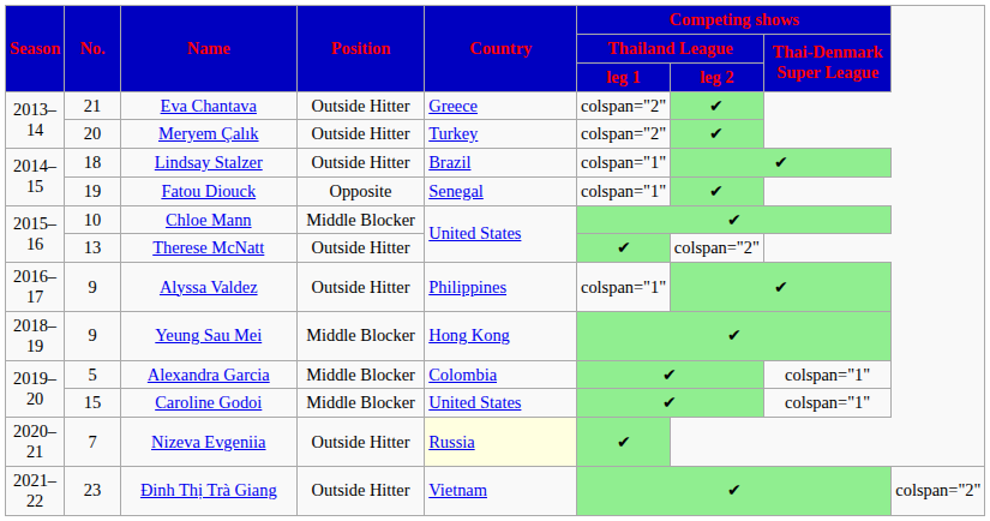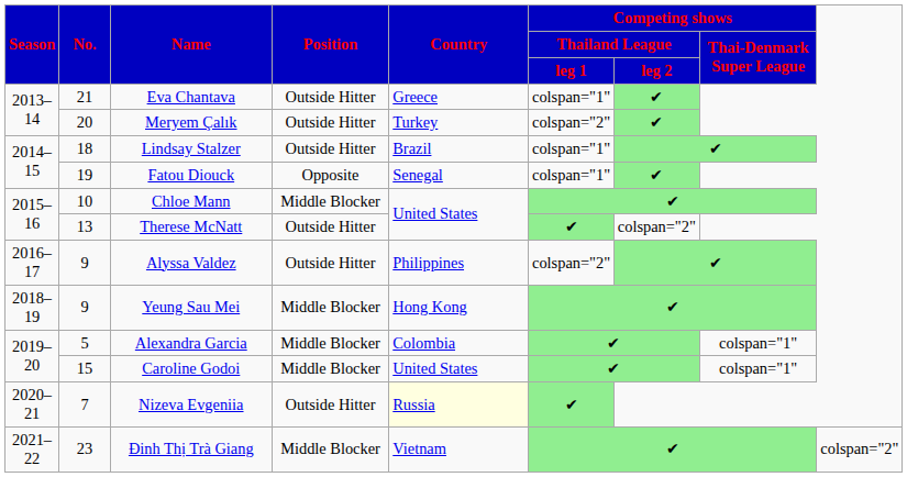 <table class="wikitable" style="text-align:center;font-size:90%;">
 <tr style= "background: #0000C0; color: #FF0000; font-weight:bold;">
 <td rowspan="3" width="40">Season</td>
 <td rowspan="3" width="40">No.</td>
 <td rowspan="3" width="140">Name</td>
 <td rowspan="3" width="100">Position</td>
 <td rowspan="3" width="120">Country</td>
 <td colspan="3">Competing shows</td>
 </tr>
 <tr style= "background: #0000C0; color: #FF0000; font-weight:bold;">
 <td colspan="2" width="100">Thailand League</td>
 <td rowspan="2" width="100">Thai-Denmark Super League</td>
 </tr>
 <tr style= "background: #0000C0; color: #FF0000; font-weight:bold;">
 <td width="50">leg 1</td>
 <td width="50">leg 2</td>
 </tr>
 <tr>
 <td rowspan="2">2013–14</td>
 <td>21</td>
 <td><a href='#'>Eva Chantava</a></td>
 <td>Outside Hitter</td>
 <td align="left"> <a href='#'>Greece</a></td>
-<td>colspan="2" </td>
+<td>colspan="1" </td>
 <td colspan="1" style="background:lightgreen; text-align:center;">✔</td>
 </tr>
 <tr>
 <td>20</td>
 <td><a href='#'>Meryem Çalık</a></td>
 <td>Outside Hitter</td>
 <td align="left"> <a href='#'>Turkey</a></td>
 <td>colspan="2" </td>
 <td colspan="1" style="background:lightgreen; text-align:center;">✔</td>
 </tr>
 <tr>
 <td rowspan="2">2014–15</td>
 <td>18</td>
 <td><a href='#'>Lindsay Stalzer</a></td>
 <td>Outside Hitter</td>
 <td align="left"> <a href='#'>Brazil</a></td>
 <td>colspan="1" </td>
 <td colspan="2" style="background:lightgreen; text-align:center;">✔</td>
 </tr>
 <tr>
 <td>19</td>
 <td><a href='#'>Fatou Diouck</a></td>
 <td>Opposite</td>
 <td align="left"> <a href='#'>Senegal</a></td>
 <td>colspan="1" </td>
 <td colspan="1" style="background:lightgreen; text-align:center;">✔</td>
 </tr>
 <tr>
 <td rowspan=2>2015–16</td>
 <td>10</td>
 <td><a href='#'>Chloe Mann</a></td>
 <td>Middle Blocker</td>
 <td align="left" rowspan=2> <a href='#'>United States</a></td>
 <td colspan="3" style="background:lightgreen; text-align:center;">✔</td>
 </tr>
 <tr>
 <td>13</td>
 <td><a href='#'>Therese McNatt</a></td>
 <td>Outside Hitter</td>
 <td colspan="1" style="background:lightgreen; text-align:center;">✔</td>
 <td>colspan="2" </td>
 </tr>
 <tr>
 <td>2016–17</td>
 <td>9</td>
 <td><a href='#'>Alyssa Valdez</a></td>
 <td>Outside Hitter</td>
 <td align="left"> <a href='#'>Philippines</a></td>
-<td>colspan="1" </td>
+<td>colspan="2" </td>
 <td colspan="2" style="background:lightgreen; text-align:center;">✔</td>
 </tr>
 <tr>
 <td>2018–19</td>
 <td>9</td>
 <td><a href='#'>Yeung Sau Mei</a></td>
 <td>Middle Blocker</td>
 <td align="left"> <a href='#'>Hong Kong</a></td>
 <td colspan="3" style="background:lightgreen; text-align:center;">✔</td>
 </tr>
 <tr>
 <td rowspan=2>2019–20</td>
 <td>5</td>
 <td><a href='#'>Alexandra Garcia</a></td>
 <td>Middle Blocker</td>
 <td align="left"> <a href='#'>Colombia</a></td>
 <td colspan="2" style="background:lightgreen; text-align:center;">✔</td>
 <td>colspan="1" </td>
 </tr>
 <tr>
 <td>15</td>
 <td><a href='#'>Caroline Godoi</a></td>
 <td>Middle Blocker</td>
 <td align="left"> <a href='#'>United States</a></td>
 <td colspan="2" style="background:lightgreen; text-align:center;">✔</td>
 <td>colspan="1" </td>
 </tr>
 <tr>
 <td>2020–21</td>
 <td>7</td>
 <td><a href='#'>Nizeva Evgeniia</a></td>
 <td>Outside Hitter</td>
 <td align="left" style="background: lightyellow;"> <a href='#'>Russia</a></td>
 <td colspan="1" style="background:lightgreen; text-align:center;">✔</td>
 </tr>
 <tr>
 <td>2021–22</td>
 <td>23</td>
 <td><a href='#'>Đinh Thị Trà Giang</a></td>
-<td>Outside Hitter</td>
+<td>Middle Blocker</td>
 <td align="left"> <a href='#'>Vietnam</a></td>
 <td colspan="3" style="background:lightgreen; text-align:center;">✔</td>
 <td>colspan="2" </td>
 </tr>
 <tr>
 </tr>
 </table>
